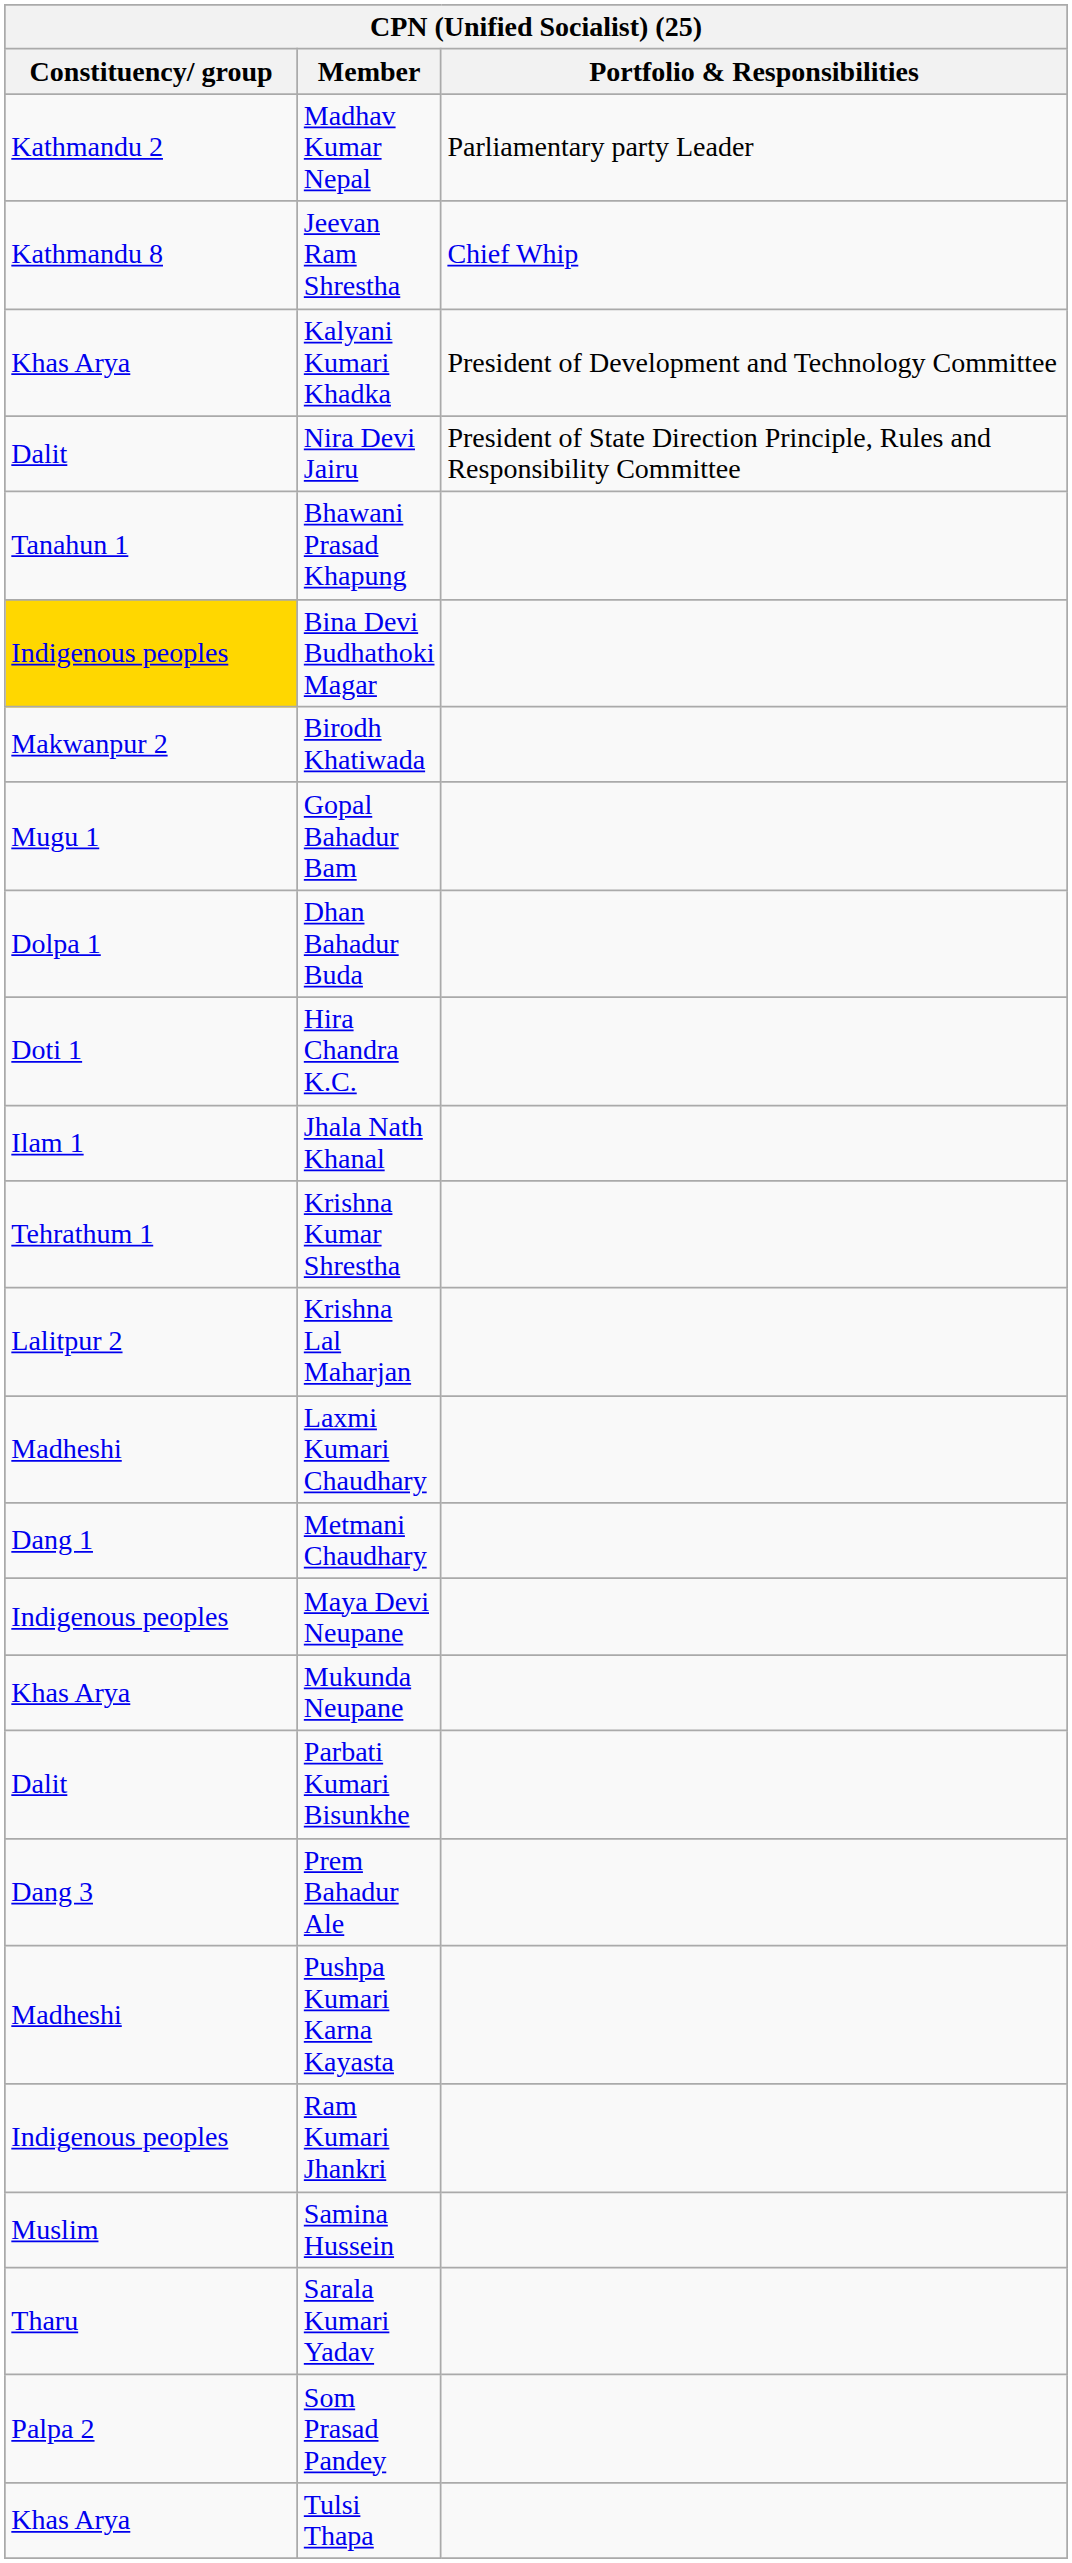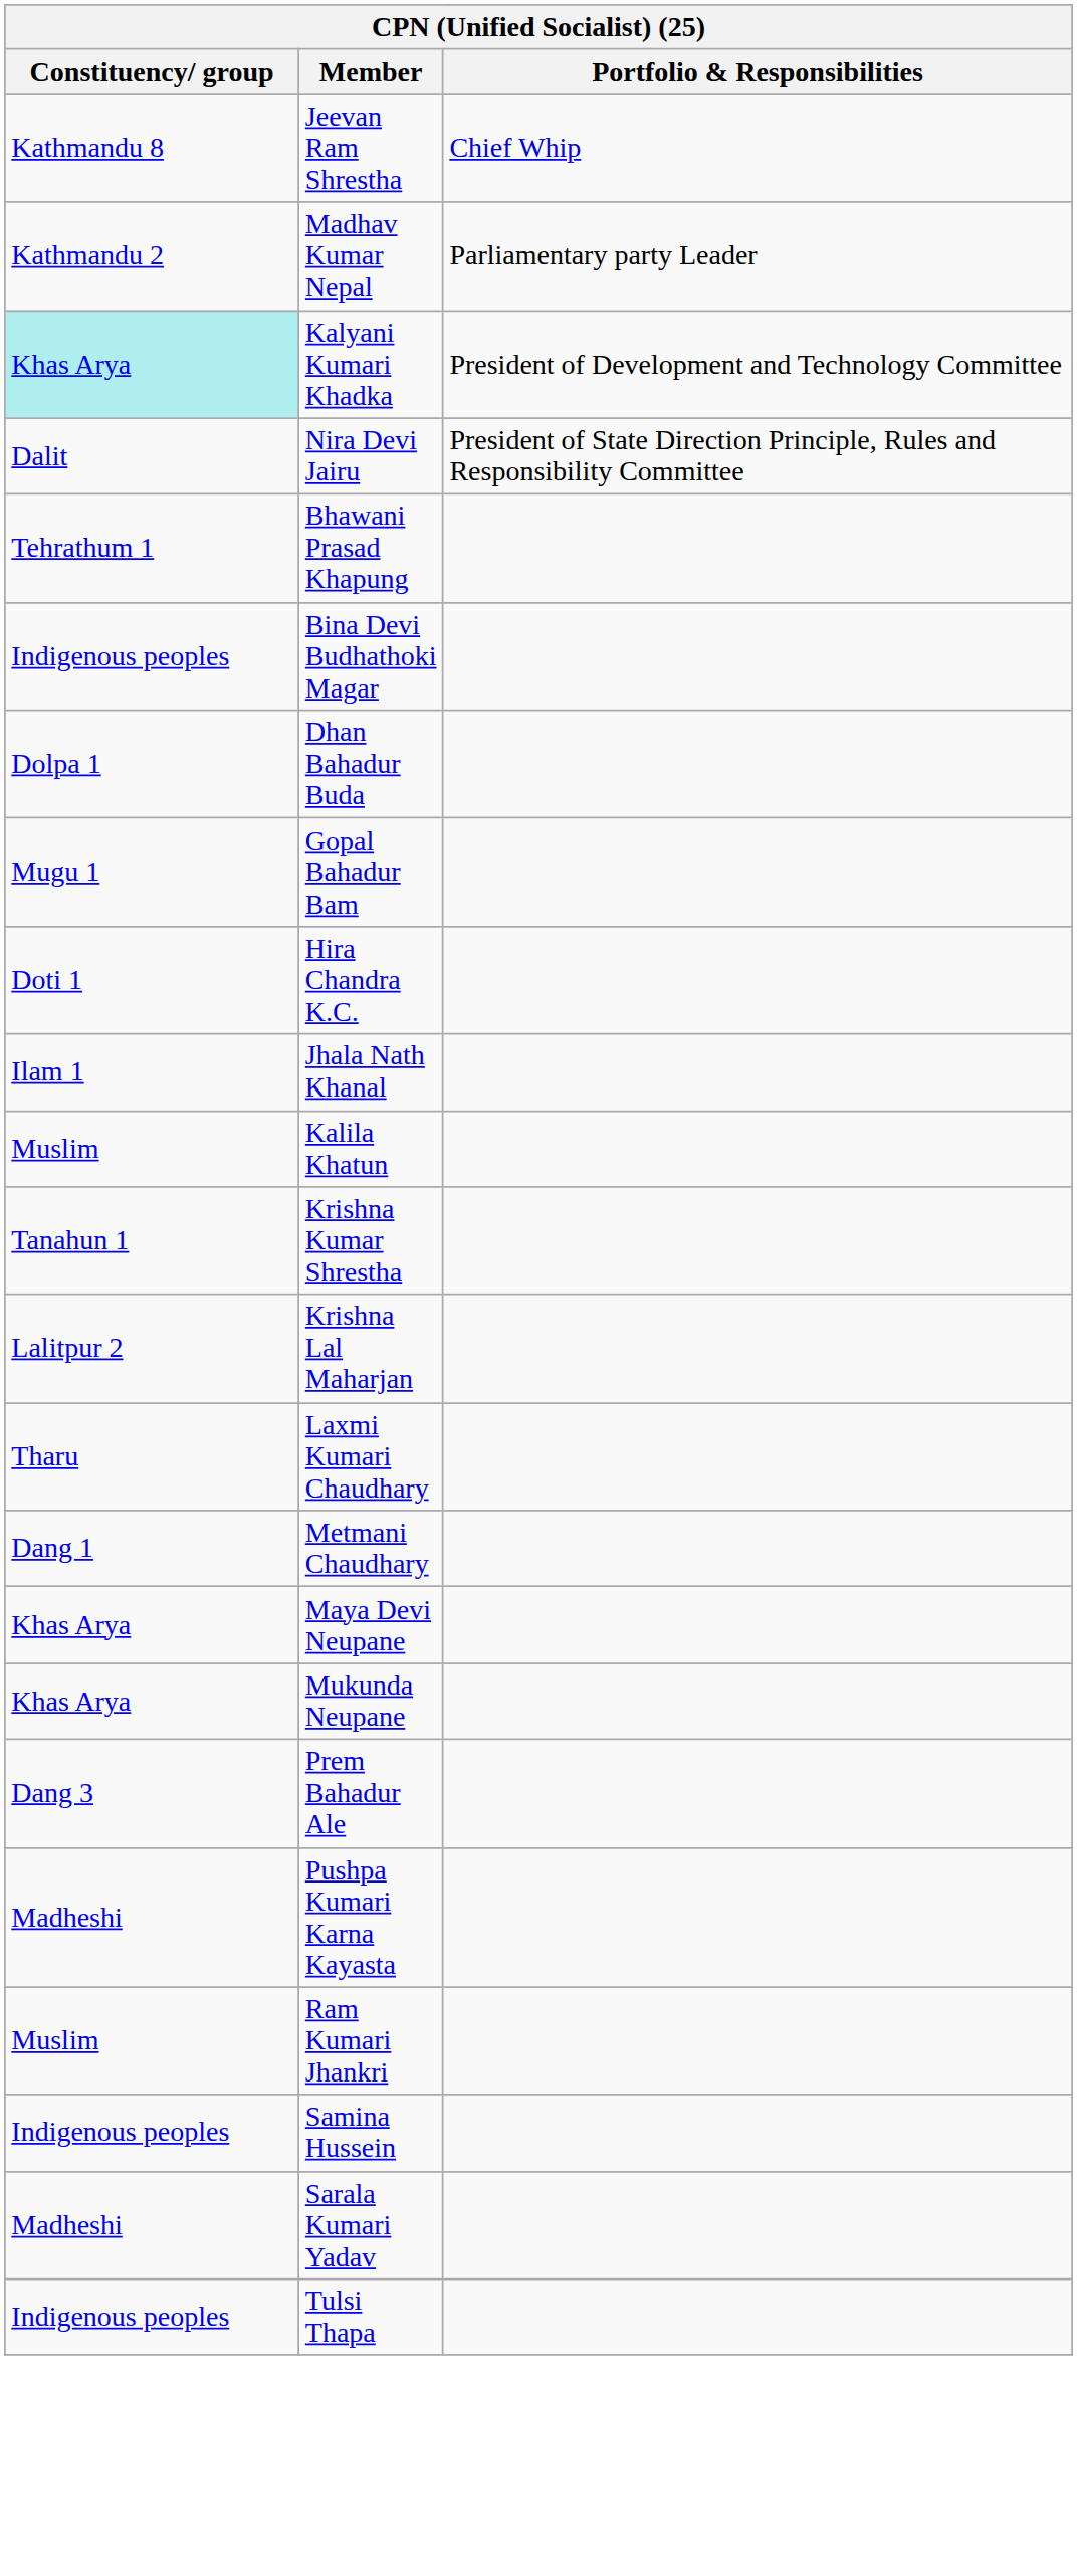 <table class="wikitable sortable mw-collapsible mw-collapsed">
 <tr>
 <th colspan="3" style="width: 700pt; background:">CPN (Unified Socialist) (25)</th>
 </tr>
 <tr>
 <th style="width:150pt;">Constituency/ group</th>
 <th>Member</th>
 <th style="width:375pt;">Portfolio & Responsibilities</th>
 </tr>
 <tr>
+<td><a href='#'>Kathmandu 8</a></td>
+<td><a href='#'>Jeevan Ram Shrestha</a></td>
+<td><a href='#'>Chief Whip</a></td>
+</tr>
+<tr>
 <td><a href='#'>Kathmandu 2</a></td>
 <td><a href='#'>Madhav Kumar Nepal</a></td>
 <td>Parliamentary party Leader</td>
 </tr>
 <tr>
-<td><a href='#'>Kathmandu 8</a></td>
-<td><a href='#'>Jeevan Ram Shrestha</a></td>
-<td><a href='#'>Chief Whip</a></td>
-</tr>
-<tr>
-<td><a href='#'>Khas Arya</a></td>
+<td style="background: paleturquoise;"><a href='#'>Khas Arya</a></td>
 <td><a href='#'>Kalyani Kumari Khadka</a></td>
 <td>President of Development and Technology Committee</td>
 </tr>
 <tr>
 <td><a href='#'>Dalit</a></td>
 <td><a href='#'>Nira Devi Jairu</a></td>
 <td>President of State Direction Principle, Rules and Responsibility Committee</td>
 </tr>
 <tr>
-<td><a href='#'>Tanahun 1</a></td>
+<td><a href='#'>Tehrathum 1</a></td>
 <td><a href='#'>Bhawani Prasad Khapung</a></td>
 <td></td>
 </tr>
 <tr>
-<td style="background: gold;"><a href='#'>Indigenous peoples</a></td>
+<td><a href='#'>Indigenous peoples</a></td>
 <td><a href='#'>Bina Devi Budhathoki Magar</a></td>
 <td></td>
 </tr>
 <tr>
-<td><a href='#'>Makwanpur 2</a></td>
-<td><a href='#'>Birodh Khatiwada</a></td>
+<td><a href='#'>Dolpa 1</a></td>
+<td><a href='#'>Dhan Bahadur Buda</a></td>
 <td></td>
 </tr>
 <tr>
 <td><a href='#'>Mugu 1</a></td>
 <td><a href='#'>Gopal Bahadur Bam</a></td>
-<td></td>
-</tr>
-<tr>
-<td><a href='#'>Dolpa 1</a></td>
-<td><a href='#'>Dhan Bahadur Buda</a></td>
 <td></td>
 </tr>
 <tr>
 <td><a href='#'>Doti 1</a></td>
 <td><a href='#'>Hira Chandra K.C.</a></td>
 <td></td>
 </tr>
 <tr>
 <td><a href='#'>Ilam 1</a></td>
 <td><a href='#'>Jhala Nath Khanal</a></td>
 <td></td>
 </tr>
 <tr>
-<td><a href='#'>Tehrathum 1</a></td>
+<td><a href='#'>Muslim</a></td>
+<td><a href='#'>Kalila Khatun</a></td>
+<td></td>
+</tr>
+<tr>
+<td><a href='#'>Tanahun 1</a></td>
 <td><a href='#'>Krishna Kumar Shrestha</a></td>
 <td></td>
 </tr>
 <tr>
 <td><a href='#'>Lalitpur 2</a></td>
 <td><a href='#'>Krishna Lal Maharjan</a></td>
 <td></td>
 </tr>
 <tr>
-<td><a href='#'>Madheshi</a></td>
+<td><a href='#'>Tharu</a></td>
 <td><a href='#'>Laxmi Kumari Chaudhary</a></td>
 <td></td>
 </tr>
 <tr>
 <td><a href='#'>Dang 1</a></td>
 <td><a href='#'>Metmani Chaudhary</a></td>
 <td></td>
 </tr>
 <tr>
-<td><a href='#'>Indigenous peoples</a></td>
+<td><a href='#'>Khas Arya</a></td>
 <td><a href='#'>Maya Devi Neupane</a></td>
 <td></td>
 </tr>
 <tr>
 <td><a href='#'>Khas Arya</a></td>
 <td><a href='#'>Mukunda Neupane</a></td>
-<td></td>
-</tr>
-<tr>
-<td><a href='#'>Dalit</a></td>
-<td><a href='#'>Parbati Kumari Bisunkhe</a></td>
 <td></td>
 </tr>
 <tr>
 <td><a href='#'>Dang 3</a></td>
 <td><a href='#'>Prem Bahadur Ale</a></td>
 <td></td>
 </tr>
 <tr>
 <td><a href='#'>Madheshi</a></td>
 <td><a href='#'>Pushpa Kumari Karna Kayasta</a></td>
 <td></td>
 </tr>
 <tr>
-<td><a href='#'>Indigenous peoples</a></td>
+<td><a href='#'>Muslim</a></td>
 <td><a href='#'>Ram Kumari Jhankri</a></td>
 <td></td>
 </tr>
 <tr>
-<td><a href='#'>Muslim</a></td>
+<td><a href='#'>Indigenous peoples</a></td>
 <td><a href='#'>Samina Hussein</a></td>
 <td></td>
 </tr>
 <tr>
-<td><a href='#'>Tharu</a></td>
+<td><a href='#'>Madheshi</a></td>
 <td><a href='#'>Sarala Kumari Yadav</a></td>
 <td></td>
 </tr>
 <tr>
-<td><a href='#'>Palpa 2</a></td>
-<td><a href='#'>Som Prasad Pandey</a></td>
-<td></td>
-</tr>
-<tr>
-<td><a href='#'>Khas Arya</a></td>
+<td><a href='#'>Indigenous peoples</a></td>
 <td><a href='#'>Tulsi Thapa</a></td>
 <td></td>
 </tr>
 </table>
